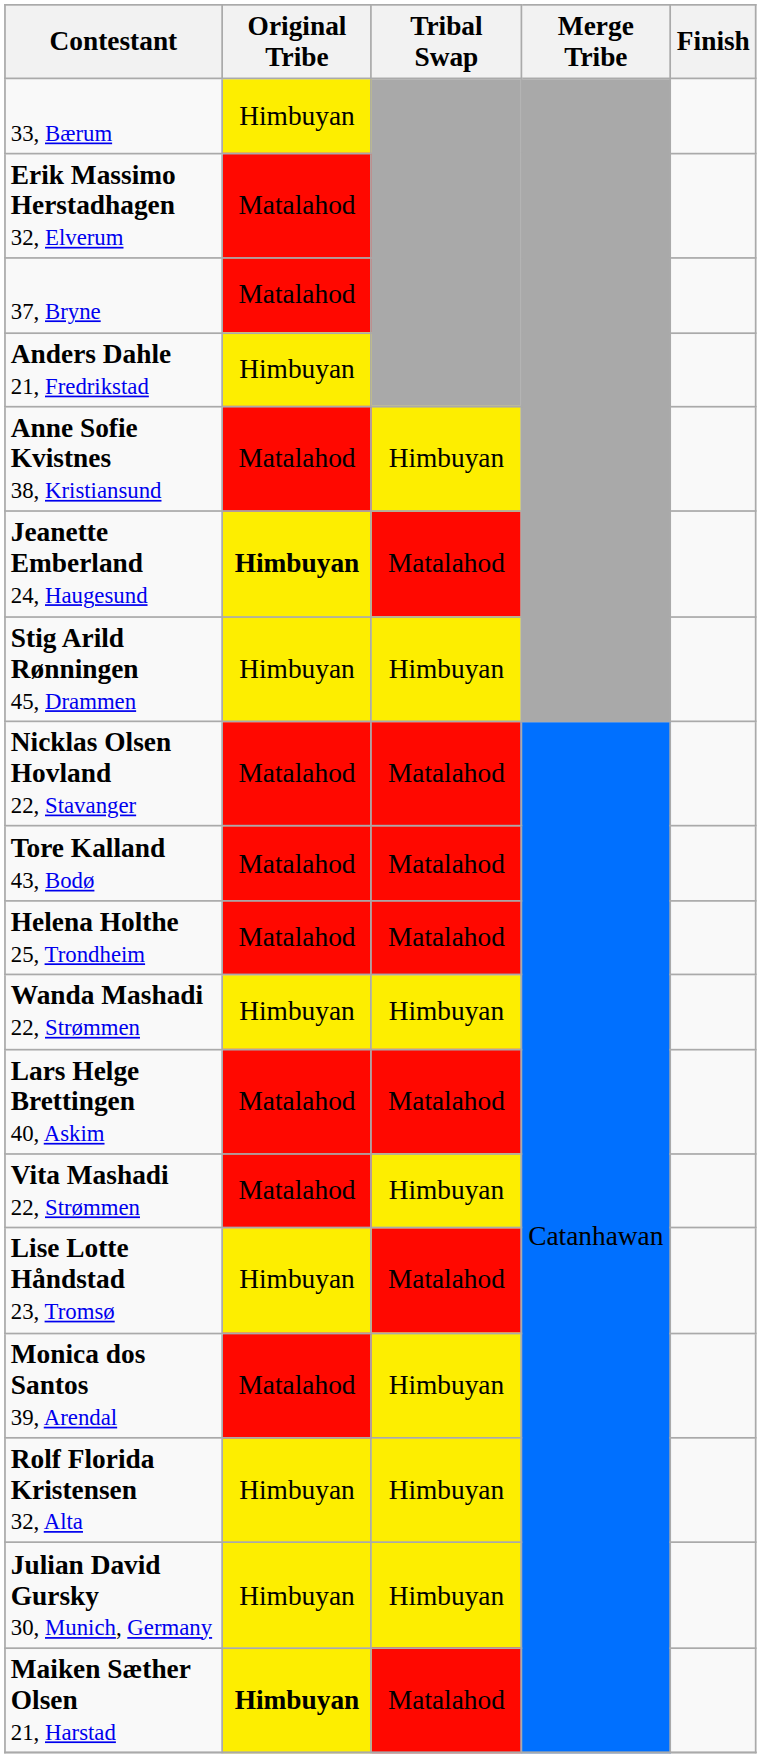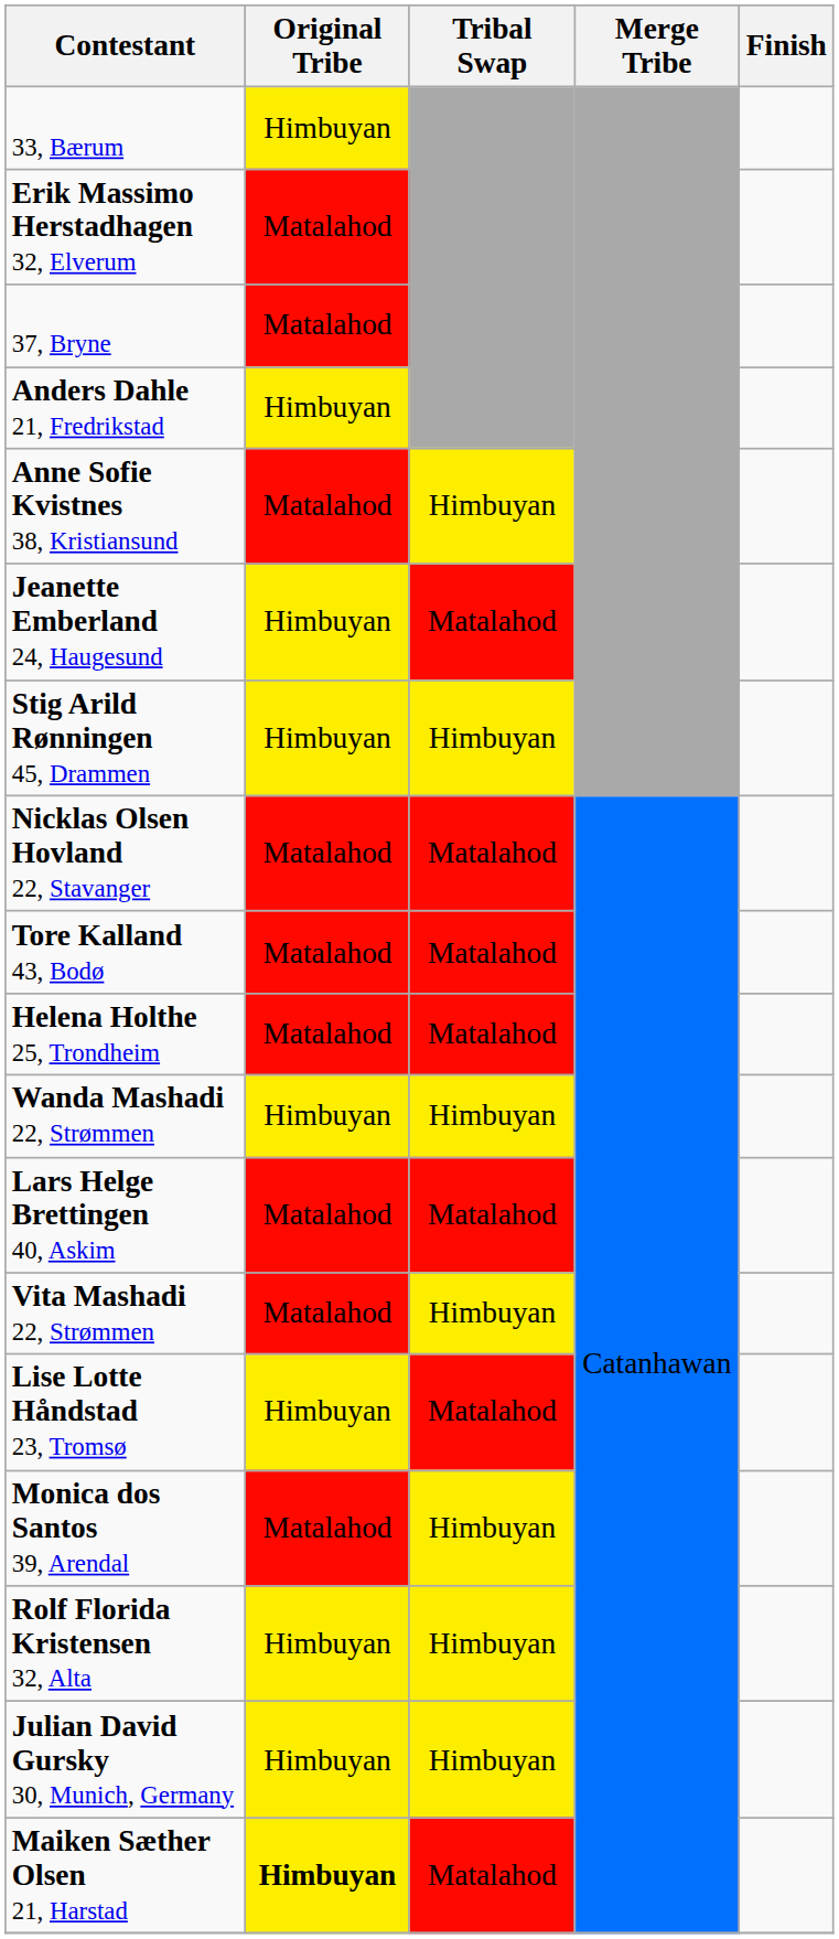 <table class="wikitable sortable" style="margin:auto; text-align:center">
 <tr>
 <th width=120>Contestant</th>
 <th width=80>Original<br>Tribe</th>
 <th width=80>Tribal<br>Swap</th>
 <th width=80>Merge<br>Tribe</th>
 <th>Finish</th>
 </tr>
 <tr>
 <td align="left"><strong></strong><br><small>33, <a href='#'>Bærum</a></small></td>
 <td style="background:#fdee00; text-align:center;">Himbuyan</td>
 <td bgcolor="darkgray" rowspan="4"></td>
 <td bgcolor="darkgray" rowspan="7"></td>
 <td></td>
 </tr>
 <tr>
 <td align="left"><strong>Erik Massimo Herstadhagen</strong><br><small>32, <a href='#'>Elverum</a></small></td>
 <td style="background:#FF0800; text-align:center;">Matalahod</td>
 <td></td>
 </tr>
 <tr>
 <td align="left"><strong></strong><br><small>37, <a href='#'>Bryne</a></small></td>
 <td style="background:#FF0800; text-align:center;">Matalahod</td>
 <td></td>
 </tr>
 <tr>
 <td align="left"><strong>Anders Dahle</strong><br><small>21, <a href='#'>Fredrikstad</a></small></td>
 <td style="background:#fdee00; text-align:center;">Himbuyan</td>
 <td></td>
 </tr>
 <tr>
 <td align="left"><strong>Anne Sofie Kvistnes</strong><br><small>38, <a href='#'>Kristiansund</a></small></td>
 <td style="background:#FF0800; text-align:center;">Matalahod</td>
 <td style="background:#fdee00; text-align:center;">Himbuyan</td>
 <td></td>
 </tr>
 <tr>
 <td align="left"><strong>Jeanette Emberland</strong><br><small>24, <a href='#'>Haugesund</a></small></td>
-<td style="background:#fdee00; text-align:center;"><strong>Himbuyan</strong></td>
+<td style="background:#fdee00; text-align:center;">Himbuyan</td>
 <td style="background:#FF0800; text-align:center;">Matalahod</td>
 <td></td>
 </tr>
 <tr>
 <td align="left"><strong>Stig Arild Rønningen</strong><br><small>45, <a href='#'>Drammen</a></small></td>
 <td style="background:#fdee00; text-align:center;">Himbuyan</td>
 <td style="background:#fdee00; text-align:center;">Himbuyan</td>
 <td></td>
 </tr>
 <tr>
 <td align="left"><strong>Nicklas Olsen Hovland</strong><br><small>22, <a href='#'>Stavanger</a></small></td>
 <td style="background:#FF0800; text-align:center;">Matalahod</td>
 <td style="background:#FF0800; text-align:center;">Matalahod</td>
 <td rowspan=11 bgcolor="#0070FF"><span>Catanhawan</span></td>
 <td></td>
 </tr>
 <tr>
 <td align="left"><strong>Tore Kalland</strong><br><small>43, <a href='#'>Bodø</a></small></td>
 <td style="background:#FF0800; text-align:center;">Matalahod</td>
 <td style="background:#FF0800; text-align:center;">Matalahod</td>
 <td></td>
 </tr>
 <tr>
 <td align="left"><strong>Helena Holthe</strong><br><small>25, <a href='#'>Trondheim</a></small></td>
 <td style="background:#FF0800; text-align:center;">Matalahod</td>
 <td style="background:#FF0800; text-align:center;">Matalahod</td>
 <td></td>
 </tr>
 <tr>
 <td align="left"><strong>Wanda Mashadi</strong><br><small>22, <a href='#'>Strømmen</a></small></td>
 <td style="background:#fdee00; text-align:center;">Himbuyan</td>
 <td style="background:#fdee00; text-align:center;">Himbuyan</td>
 <td></td>
 </tr>
 <tr>
 <td align="left"><strong>Lars Helge Brettingen</strong><br><small>40, <a href='#'>Askim</a></small></td>
 <td style="background:#FF0800; text-align:center;">Matalahod</td>
 <td style="background:#FF0800; text-align:center;">Matalahod</td>
 <td></td>
 </tr>
 <tr>
 <td align="left"><strong>Vita Mashadi</strong><br><small>22, <a href='#'>Strømmen</a></small></td>
 <td style="background:#FF0800; text-align:center;">Matalahod</td>
 <td style="background:#fdee00; text-align:center;">Himbuyan</td>
 <td></td>
 </tr>
 <tr>
 <td align="left"><strong>Lise Lotte Håndstad</strong><br><small>23, <a href='#'>Tromsø</a></small></td>
 <td style="background:#fdee00; text-align:center;">Himbuyan</td>
 <td style="background:#FF0800; text-align:center;">Matalahod</td>
 <td></td>
 </tr>
 <tr>
 <td align="left"><strong>Monica dos Santos</strong><br><small>39, <a href='#'>Arendal</a></small></td>
 <td style="background:#FF0800; text-align:center;">Matalahod</td>
 <td style="background:#fdee00; text-align:center;">Himbuyan</td>
 <td></td>
 </tr>
 <tr>
 <td align="left"><strong>Rolf Florida Kristensen</strong><br><small>32, <a href='#'>Alta</a></small></td>
 <td style="background:#fdee00; text-align:center;">Himbuyan</td>
 <td style="background:#fdee00; text-align:center;">Himbuyan</td>
 <td></td>
 </tr>
 <tr>
 <td align="left"><strong>Julian David Gursky</strong><br><small>30, <a href='#'>Munich</a>, <a href='#'>Germany</a></small></td>
 <td style="background:#fdee00; text-align:center;">Himbuyan</td>
 <td style="background:#fdee00; text-align:center;">Himbuyan</td>
 <td></td>
 </tr>
 <tr>
 <td align="left"><strong>Maiken Sæther Olsen</strong><br><small>21, <a href='#'>Harstad</a></small></td>
 <td style="background:#fdee00; text-align:center;"><strong>Himbuyan</strong></td>
 <td style="background:#FF0800; text-align:center;">Matalahod</td>
 <td></td>
 </tr>
 <tr>
 </tr>
 </table>
